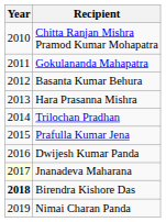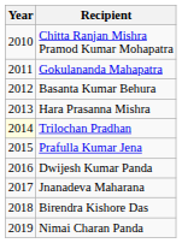 <table class="wikitable">
 <tr>
 <th>Year</th>
 <th>Recipient</th>
 </tr>
 <tr>
 <td>2010</td>
 <td><a href='#'>Chitta Ranjan Mishra</a><br>Pramod Kumar Mohapatra</td>
 </tr>
 <tr>
 <td>2011</td>
 <td><a href='#'>Gokulananda Mahapatra</a></td>
 </tr>
 <tr>
 <td>2012</td>
 <td>Basanta Kumar Behura</td>
 </tr>
 <tr>
 <td>2013</td>
 <td>Hara Prasanna Mishra</td>
 </tr>
 <tr>
-<td>2014</td>
+<td style="background: lightyellow;">2014</td>
 <td><a href='#'>Trilochan Pradhan</a></td>
 </tr>
 <tr>
 <td>2015</td>
 <td><a href='#'>Prafulla Kumar Jena</a></td>
 </tr>
 <tr>
 <td>2016</td>
 <td>Dwijesh Kumar Panda</td>
 </tr>
 <tr>
-<td style="background: lightyellow;">2017</td>
+<td>2017</td>
 <td>Jnanadeva Maharana</td>
 </tr>
 <tr>
-<td><strong>2018</strong></td>
+<td>2018</td>
 <td>Birendra Kishore Das</td>
 </tr>
 <tr>
 <td>2019</td>
 <td>Nimai Charan Panda</td>
 </tr>
 </table>
